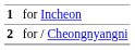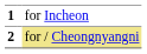 <table border="1" cellspacing="0" cellpadding="3" frame="hsides" rules="rows">
 <tr>
 <th>1</th>
 <td></td>
 <td>for <a href='#'>Incheon</a></td>
 </tr>
 <tr>
 <th>2</th>
 <td></td>
-<td>for  / <a href='#'>Cheongnyangni</a></td>
+<td style="background: khaki;">for  / <a href='#'>Cheongnyangni</a></td>
 </tr>
 <tr>
 </tr>
 </table>
